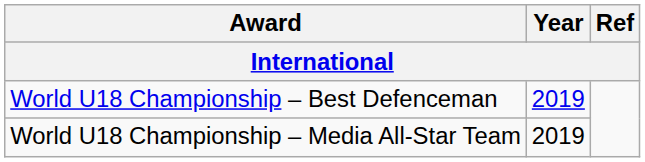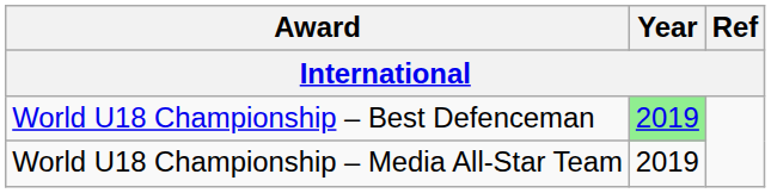 <table class="wikitable">
 <tr>
 <th>Award</th>
 <th>Year</th>
 <th>Ref</th>
 </tr>
 <tr>
 <th colspan="3"><a href='#'>International</a></th>
 </tr>
 <tr>
 <td><a href='#'>World U18 Championship</a> – Best Defenceman</td>
-<td><a href='#'>2019</a></td>
+<td style="background: lightgreen;"><a href='#'>2019</a></td>
 <td rowspan="2"></td>
 </tr>
 <tr>
 <td>World U18 Championship – Media All-Star Team</td>
 <td>2019</td>
 </tr>
 </table>
